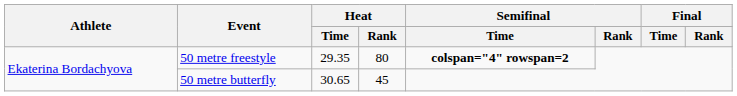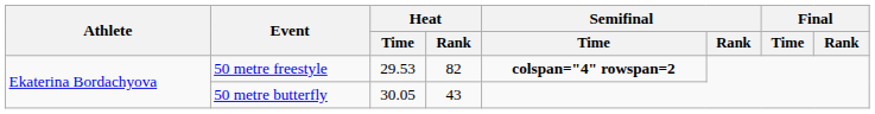 <table class="wikitable" style="text-align:center; font-size:90%; width:50%;">
 <tr>
 <th rowspan="2">Athlete</th>
 <th rowspan="2">Event</th>
 <th colspan="2">Heat</th>
 <th colspan="2">Semifinal</th>
 <th colspan="2">Final</th>
 </tr>
 <tr style="font-size:95%">
 <th>Time</th>
 <th>Rank</th>
 <th>Time</th>
 <th>Rank</th>
 <th>Time</th>
 <th>Rank</th>
 </tr>
 <tr>
 <td align=left rowspan=2><a href='#'>Ekaterina Bordachyova</a></td>
 <td align=left><a href='#'>50 metre freestyle</a></td>
-<td>29.35</td>
-<td>80</td>
+<td>29.53</td>
+<td>82</td>
 <td><strong>colspan="4" rowspan=2 </strong></td>
 </tr>
 <tr>
 <td align=left><a href='#'>50 metre butterfly</a></td>
-<td>30.65</td>
-<td>45</td>
+<td>30.05</td>
+<td>43</td>
 </tr>
 </table>
